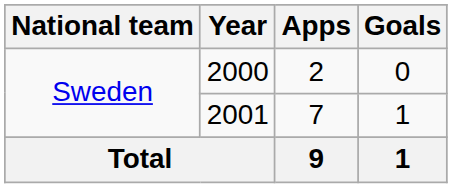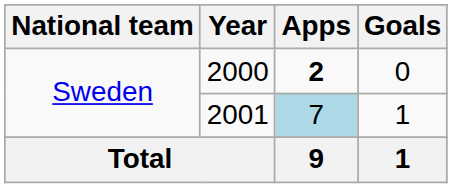 <table class="wikitable" style="text-align:center">
 <tr>
 <th>National team</th>
 <th>Year</th>
 <th>Apps</th>
 <th>Goals</th>
 </tr>
 <tr>
 <td rowspan="2"><a href='#'>Sweden</a></td>
 <td>2000</td>
-<td>2</td>
+<td><strong>2</strong></td>
 <td>0</td>
 </tr>
 <tr>
 <td>2001</td>
-<td>7</td>
+<td style="background: lightblue;">7</td>
 <td>1</td>
 </tr>
 <tr>
 <th colspan="2">Total</th>
 <th>9</th>
 <th>1</th>
 </tr>
 </table>
